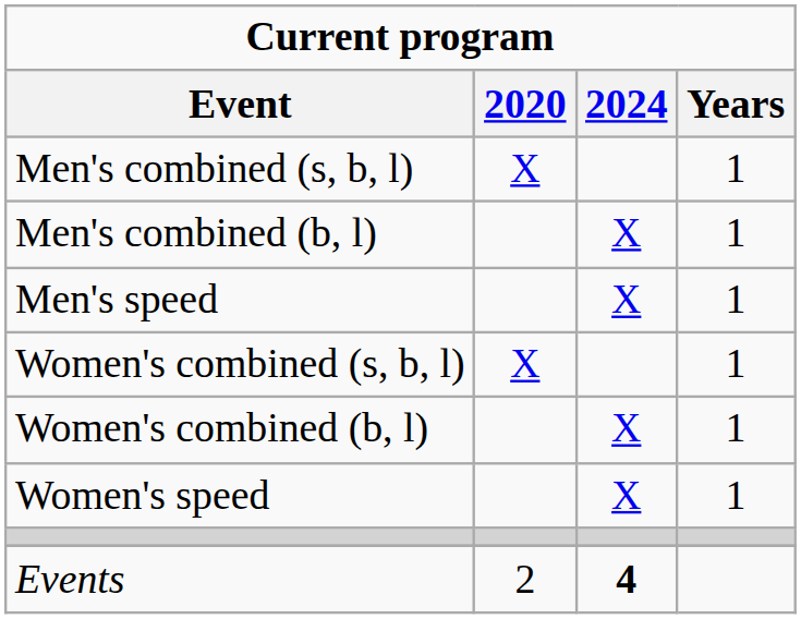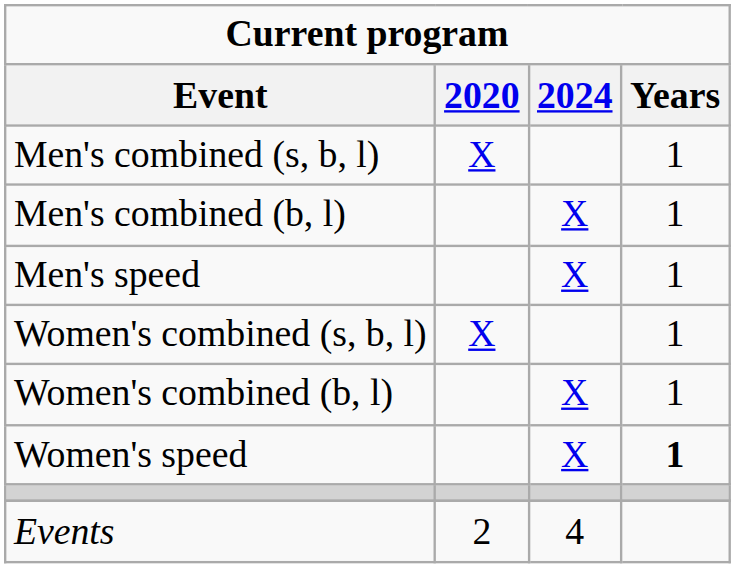 <table class="wikitable">
 <tr>
 <td colspan="4" align="center"><strong>Current program</strong></td>
 </tr>
 <tr align=center>
 <th>Event</th>
 <th><a href='#'>2020</a></th>
 <th><a href='#'>2024</a></th>
 <th>Years</th>
 </tr>
 <tr align=center>
 <td align=left>Men's combined (s, b, l)</td>
 <td><a href='#'>X</a></td>
 <td></td>
 <td>1</td>
 </tr>
 <tr align=center>
 <td align=left>Men's combined (b, l)</td>
 <td></td>
 <td><a href='#'>X</a></td>
 <td>1</td>
 </tr>
 <tr align=center>
 <td align=left>Men's speed</td>
 <td></td>
 <td><a href='#'>X</a></td>
 <td>1</td>
 </tr>
 <tr align=center>
 <td align=left>Women's combined (s, b, l)</td>
 <td><a href='#'>X</a></td>
 <td></td>
 <td>1</td>
 </tr>
 <tr align=center>
 <td align=left>Women's combined (b, l)</td>
 <td></td>
 <td><a href='#'>X</a></td>
 <td>1</td>
 </tr>
 <tr align=center>
 <td align=left>Women's speed</td>
 <td></td>
 <td><a href='#'>X</a></td>
-<td>1</td>
+<td><strong>1</strong></td>
 </tr>
 <tr bgcolor="lightgray">
 <td></td>
 <td></td>
 <td></td>
 <td></td>
 </tr>
 <tr>
 </tr>
 <tr align=center>
 <td align=left><em>Events</em></td>
 <td>2</td>
-<td><strong>4</strong></td>
+<td>4</td>
 <td></td>
 </tr>
 </table>
